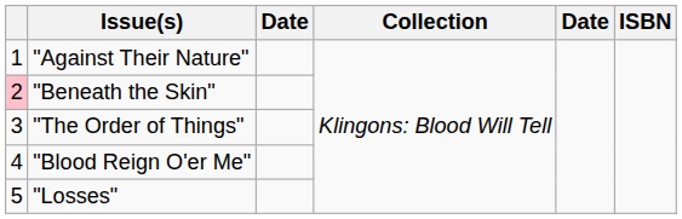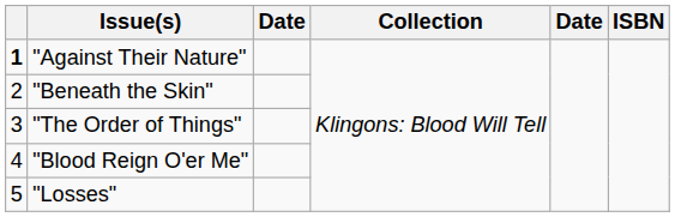 <table class="wikitable">
 <tr>
 <th></th>
 <th>Issue(s)</th>
 <th>Date</th>
 <th>Collection</th>
 <th>Date</th>
 <th>ISBN</th>
 </tr>
 <tr>
-<td>1</td>
+<td><strong>1</strong></td>
 <td>"Against Their Nature"</td>
 <td></td>
 <td rowspan="5"><em>Klingons: Blood Will Tell</em></td>
 <td rowspan="5"></td>
 <td rowspan="5"></td>
 </tr>
 <tr>
-<td style="background: pink;">2</td>
+<td>2</td>
 <td>"Beneath the Skin"</td>
 <td></td>
 </tr>
 <tr>
 <td>3</td>
 <td>"The Order of Things"</td>
 <td></td>
 </tr>
 <tr>
 <td>4</td>
 <td>"Blood Reign O'er Me"</td>
 <td></td>
 </tr>
 <tr>
 <td>5</td>
 <td>"Losses"</td>
 <td></td>
 </tr>
 </table>
